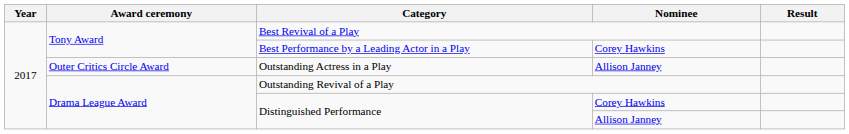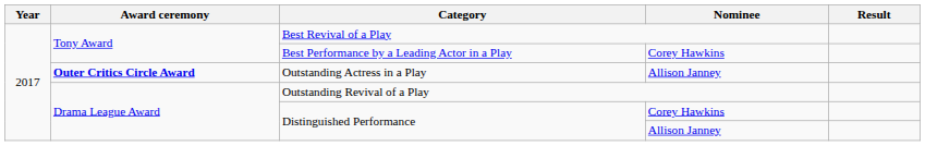 <table class="wikitable" style="width:95%;">
 <tr>
 <th style="width:5%;">Year</th>
 <th style="width:25%;">Award ceremony</th>
 <th style="width:40%;">Category</th>
 <th style="width:20%;">Nominee</th>
 <th style="width:10%;">Result</th>
 </tr>
 <tr>
 <td rowspan="6" style="text-align:center;">2017</td>
 <td rowspan="2"><a href='#'>Tony Award</a></td>
 <td colspan=2><a href='#'>Best Revival of a Play</a></td>
 <td></td>
 </tr>
 <tr>
 <td><a href='#'>Best Performance by a Leading Actor in a Play</a></td>
 <td><a href='#'>Corey Hawkins</a></td>
 <td></td>
 </tr>
 <tr>
-<td><a href='#'>Outer Critics Circle Award</a></td>
+<td><strong><a href='#'>Outer Critics Circle Award</a></strong></td>
 <td>Outstanding Actress in a Play</td>
 <td><a href='#'>Allison Janney</a></td>
 <td></td>
 </tr>
 <tr>
 <td rowspan=3><a href='#'>Drama League Award</a></td>
 <td colspan=2>Outstanding Revival of a Play</td>
 <td></td>
 </tr>
 <tr>
 <td rowspan=2>Distinguished Performance</td>
 <td><a href='#'>Corey Hawkins</a></td>
 <td></td>
 </tr>
 <tr>
 <td><a href='#'>Allison Janney</a></td>
 <td></td>
 </tr>
 </table>
